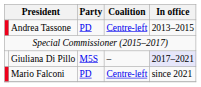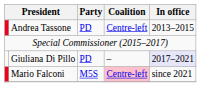 <table class="wikitable" style="font-size:95%">
 <tr style="background:#efefef;">
 <th colspan=2>President</th>
 <th>Party</th>
 <th>Coalition</th>
 <th>In office</th>
 </tr>
 <tr>
 <td bgcolor="#F0001C"></td>
 <td>Andrea Tassone</td>
 <td><a href='#'>PD</a></td>
 <td><a href='#'>Centre-left</a></td>
 <td>2013–2015</td>
 </tr>
 <tr>
 <td colspan=5 align=center><em>Special Commissioner (2015–2017)</em></td>
 </tr>
 <tr>
 <td></td>
 <td>Giuliana Di Pillo</td>
-<td><a href='#'>M5S</a></td>
+<td><a href='#'>PD</a></td>
 <td>–</td>
 <td style="background: lavender;">2017–2021</td>
 </tr>
 <tr>
 <td bgcolor="#F0001C"></td>
 <td>Mario Falconi</td>
-<td><a href='#'>PD</a></td>
-<td><a href='#'>Centre-left</a></td>
+<td><a href='#'>M5S</a></td>
+<td style="background: pink;"><a href='#'>Centre-left</a></td>
 <td>since 2021</td>
 </tr>
 <tr>
 </tr>
 </table>
